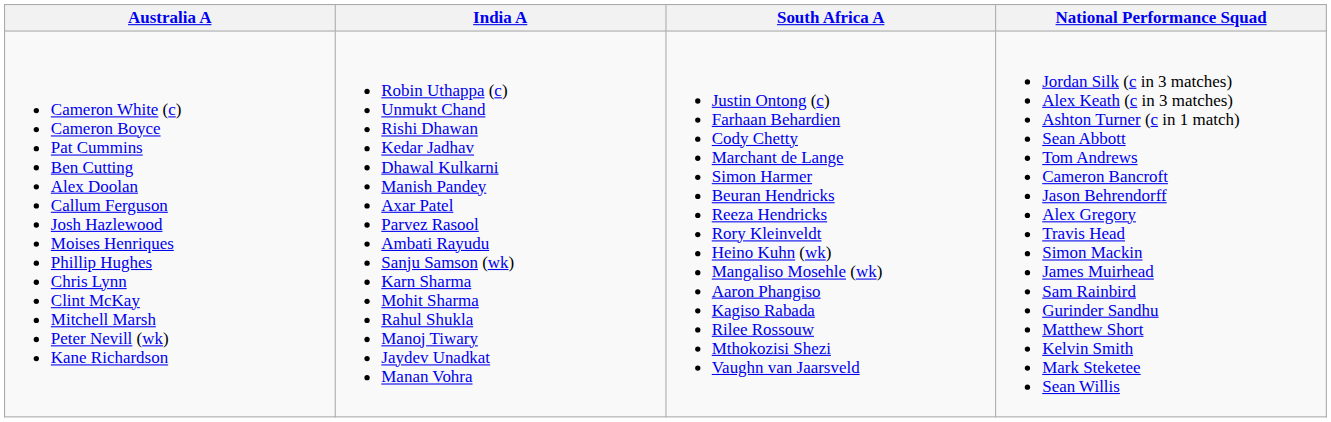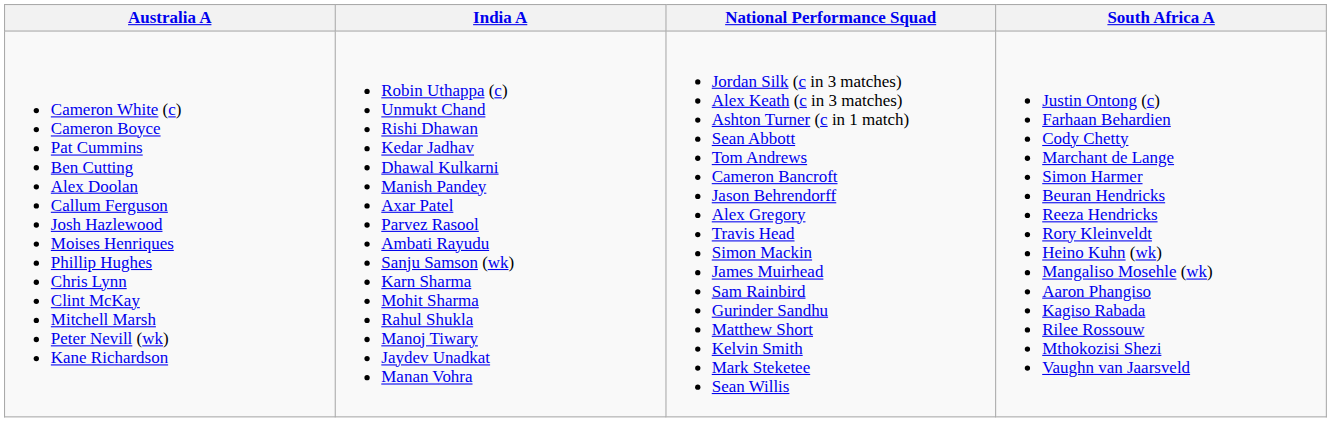 <table class="wikitable">
 <tr>
 <th style="width:15%;"><a href='#'>Australia A</a></th>
 <th style="width:15%;"><a href='#'>India A</a></th>
+<th style="width:15%;"><a href='#'>National Performance Squad</a></th>
 <th style="width:15%;"><a href='#'>South Africa A</a></th>
-<th style="width:15%;"><a href='#'>National Performance Squad</a></th>
 </tr>
 <tr>
 <td><br><ul><li><a href='#'>Cameron White</a> (<a href='#'>c</a>)</li><li><a href='#'>Cameron Boyce</a></li><li><a href='#'>Pat Cummins</a></li><li><a href='#'>Ben Cutting</a></li><li><a href='#'>Alex Doolan</a></li><li><a href='#'>Callum Ferguson</a></li><li><a href='#'>Josh Hazlewood</a></li><li><a href='#'>Moises Henriques</a></li><li><a href='#'>Phillip Hughes</a></li><li><a href='#'>Chris Lynn</a></li><li><a href='#'>Clint McKay</a></li><li><a href='#'>Mitchell Marsh</a></li><li><a href='#'>Peter Nevill</a> (<a href='#'>wk</a>)</li><li><a href='#'>Kane Richardson</a></li></ul></td>
 <td><br><ul><li><a href='#'>Robin Uthappa</a> (<a href='#'>c</a>)</li><li><a href='#'>Unmukt Chand</a></li><li><a href='#'>Rishi Dhawan</a></li><li><a href='#'>Kedar Jadhav</a></li><li><a href='#'>Dhawal Kulkarni</a></li><li><a href='#'>Manish Pandey</a></li><li><a href='#'>Axar Patel</a></li><li><a href='#'>Parvez Rasool</a></li><li><a href='#'>Ambati Rayudu</a></li><li><a href='#'>Sanju Samson</a> (<a href='#'>wk</a>)</li><li><a href='#'>Karn Sharma</a></li><li><a href='#'>Mohit Sharma</a></li><li><a href='#'>Rahul Shukla</a></li><li><a href='#'>Manoj Tiwary</a></li><li><a href='#'>Jaydev Unadkat</a></li><li><a href='#'>Manan Vohra</a></li></ul></td>
+<td><br><ul><li><a href='#'>Jordan Silk</a> (<a href='#'>c</a> in 3 matches)</li><li><a href='#'>Alex Keath</a> (<a href='#'>c</a> in 3 matches)</li><li><a href='#'>Ashton Turner</a> (<a href='#'>c</a> in 1 match)</li><li><a href='#'>Sean Abbott</a></li><li><a href='#'>Tom Andrews</a></li><li><a href='#'>Cameron Bancroft</a></li><li><a href='#'>Jason Behrendorff</a></li><li><a href='#'>Alex Gregory</a></li><li><a href='#'>Travis Head</a></li><li><a href='#'>Simon Mackin</a></li><li><a href='#'>James Muirhead</a></li><li><a href='#'>Sam Rainbird</a></li><li><a href='#'>Gurinder Sandhu</a></li><li><a href='#'>Matthew Short</a></li><li><a href='#'>Kelvin Smith</a></li><li><a href='#'>Mark Steketee</a></li><li><a href='#'>Sean Willis</a></li></ul></td>
 <td><br><ul><li><a href='#'>Justin Ontong</a> (<a href='#'>c</a>)</li><li><a href='#'>Farhaan Behardien</a></li><li><a href='#'>Cody Chetty</a></li><li><a href='#'>Marchant de Lange</a></li><li><a href='#'>Simon Harmer</a></li><li><a href='#'>Beuran Hendricks</a></li><li><a href='#'>Reeza Hendricks</a></li><li><a href='#'>Rory Kleinveldt</a></li><li><a href='#'>Heino Kuhn</a> (<a href='#'>wk</a>)</li><li><a href='#'>Mangaliso Mosehle</a> (<a href='#'>wk</a>)</li><li><a href='#'>Aaron Phangiso</a></li><li><a href='#'>Kagiso Rabada</a></li><li><a href='#'>Rilee Rossouw</a></li><li><a href='#'>Mthokozisi Shezi</a></li><li><a href='#'>Vaughn van Jaarsveld</a></li></ul></td>
-<td><br><ul><li><a href='#'>Jordan Silk</a> (<a href='#'>c</a> in 3 matches)</li><li><a href='#'>Alex Keath</a> (<a href='#'>c</a> in 3 matches)</li><li><a href='#'>Ashton Turner</a> (<a href='#'>c</a> in 1 match)</li><li><a href='#'>Sean Abbott</a></li><li><a href='#'>Tom Andrews</a></li><li><a href='#'>Cameron Bancroft</a></li><li><a href='#'>Jason Behrendorff</a></li><li><a href='#'>Alex Gregory</a></li><li><a href='#'>Travis Head</a></li><li><a href='#'>Simon Mackin</a></li><li><a href='#'>James Muirhead</a></li><li><a href='#'>Sam Rainbird</a></li><li><a href='#'>Gurinder Sandhu</a></li><li><a href='#'>Matthew Short</a></li><li><a href='#'>Kelvin Smith</a></li><li><a href='#'>Mark Steketee</a></li><li><a href='#'>Sean Willis</a></li></ul></td>
 </tr>
 </table>
